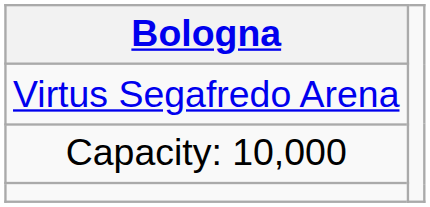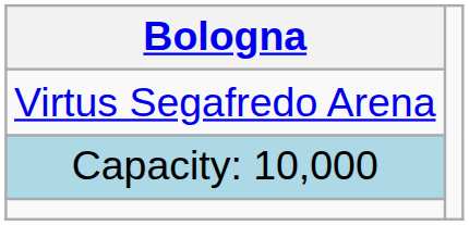 <table class="wikitable" style="text-align:center;margin:1em auto;">
 <tr>
 <th><a href='#'>Bologna</a></th>
 <td rowspan="4"></td>
 </tr>
 <tr>
 <td><a href='#'>Virtus Segafredo Arena</a></td>
 </tr>
 <tr>
-<td>Capacity: 10,000</td>
+<td style="background: lightblue;">Capacity: 10,000</td>
 </tr>
 <tr>
 <td></td>
 </tr>
 </table>
